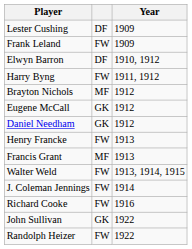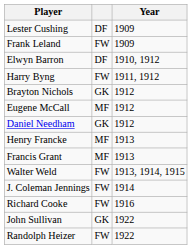 <table class="wikitable"; style= "text-align: ">
 <tr>
 <th width=px>Player</th>
 <th width=px></th>
 <th width=px>Year</th>
 </tr>
 <tr>
 <td>Lester Cushing</td>
 <td>DF</td>
 <td>1909</td>
 </tr>
 <tr>
 <td>Frank Leland</td>
 <td>FW</td>
 <td>1909</td>
 </tr>
 <tr>
 <td>Elwyn Barron</td>
 <td>DF</td>
 <td>1910, 1912</td>
 </tr>
 <tr>
 <td>Harry Byng</td>
 <td>FW</td>
 <td>1911, 1912</td>
 </tr>
 <tr>
 <td>Brayton Nichols</td>
-<td>MF</td>
+<td>GK</td>
 <td>1912</td>
 </tr>
 <tr>
 <td>Eugene McCall</td>
-<td>GK</td>
+<td>MF</td>
 <td>1912</td>
 </tr>
 <tr>
 <td><a href='#'>Daniel Needham</a></td>
 <td>GK</td>
 <td>1912</td>
 </tr>
 <tr>
 <td>Henry Francke</td>
-<td>FW</td>
+<td>MF</td>
 <td>1913</td>
 </tr>
 <tr>
 <td>Francis Grant</td>
 <td>MF</td>
 <td>1913</td>
 </tr>
 <tr>
 <td>Walter Weld</td>
 <td>FW</td>
 <td>1913, 1914, 1915</td>
 </tr>
 <tr>
 <td>J. Coleman Jennings</td>
 <td>FW</td>
 <td>1914</td>
 </tr>
 <tr>
 <td>Richard Cooke</td>
 <td>FW</td>
 <td>1916</td>
 </tr>
 <tr>
 <td>John Sullivan</td>
 <td>GK</td>
 <td>1922</td>
 </tr>
 <tr>
 <td>Randolph Heizer</td>
 <td>FW</td>
 <td>1922</td>
 </tr>
 </table>
